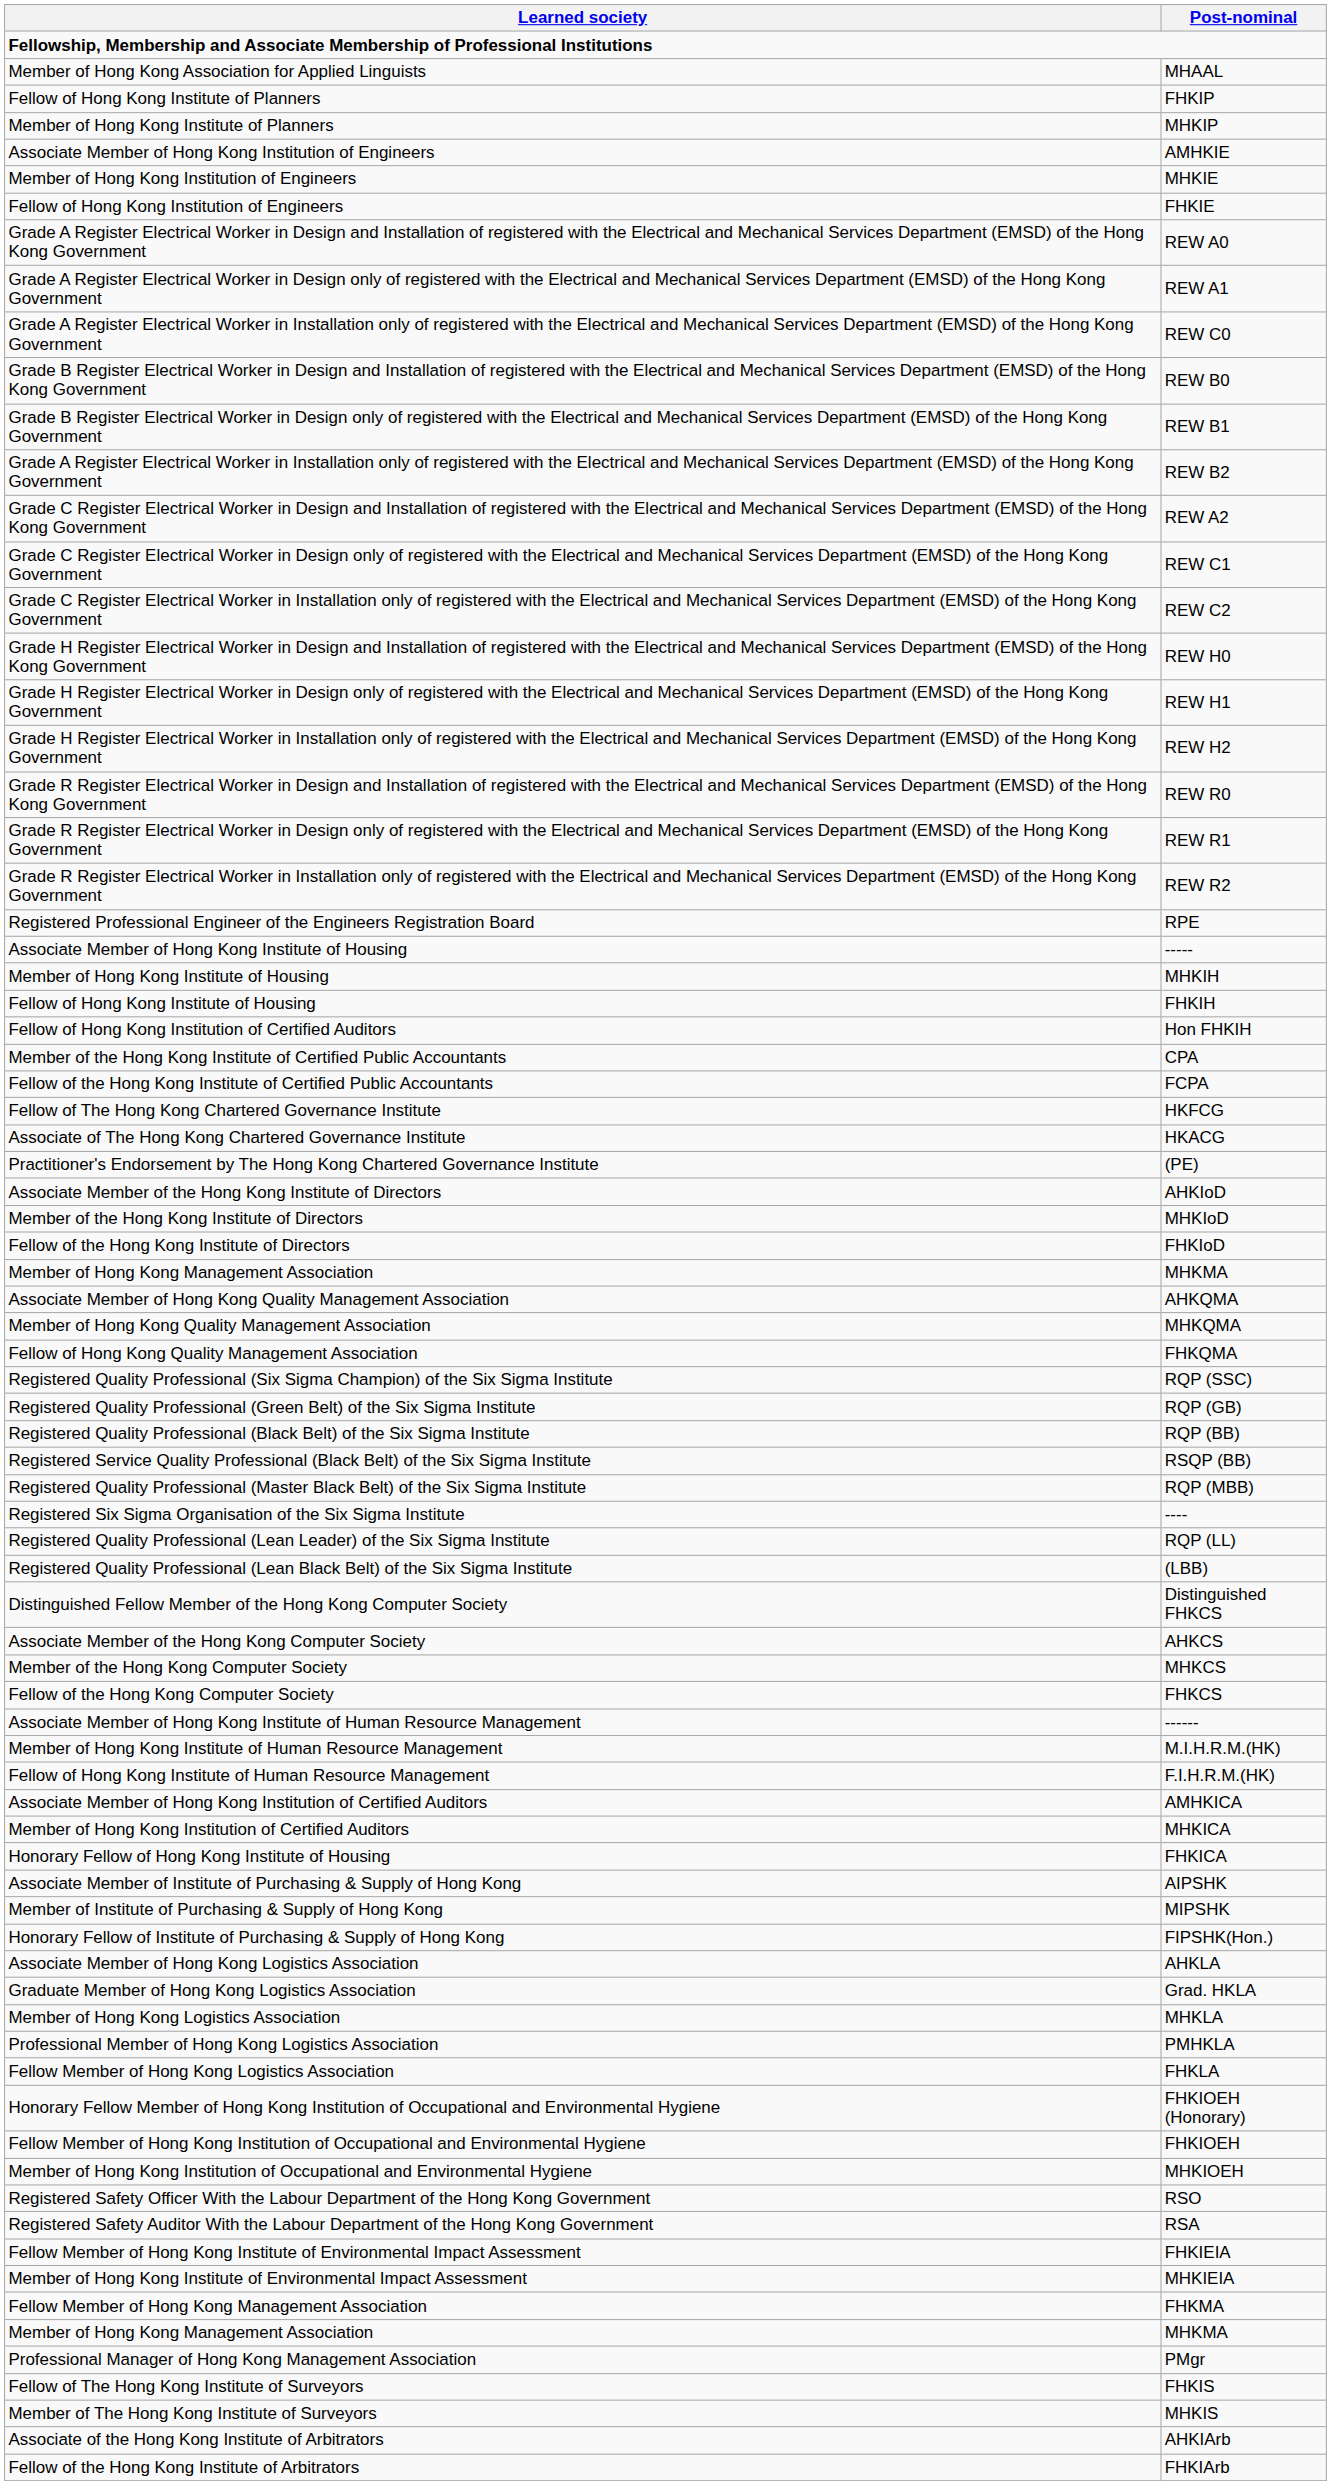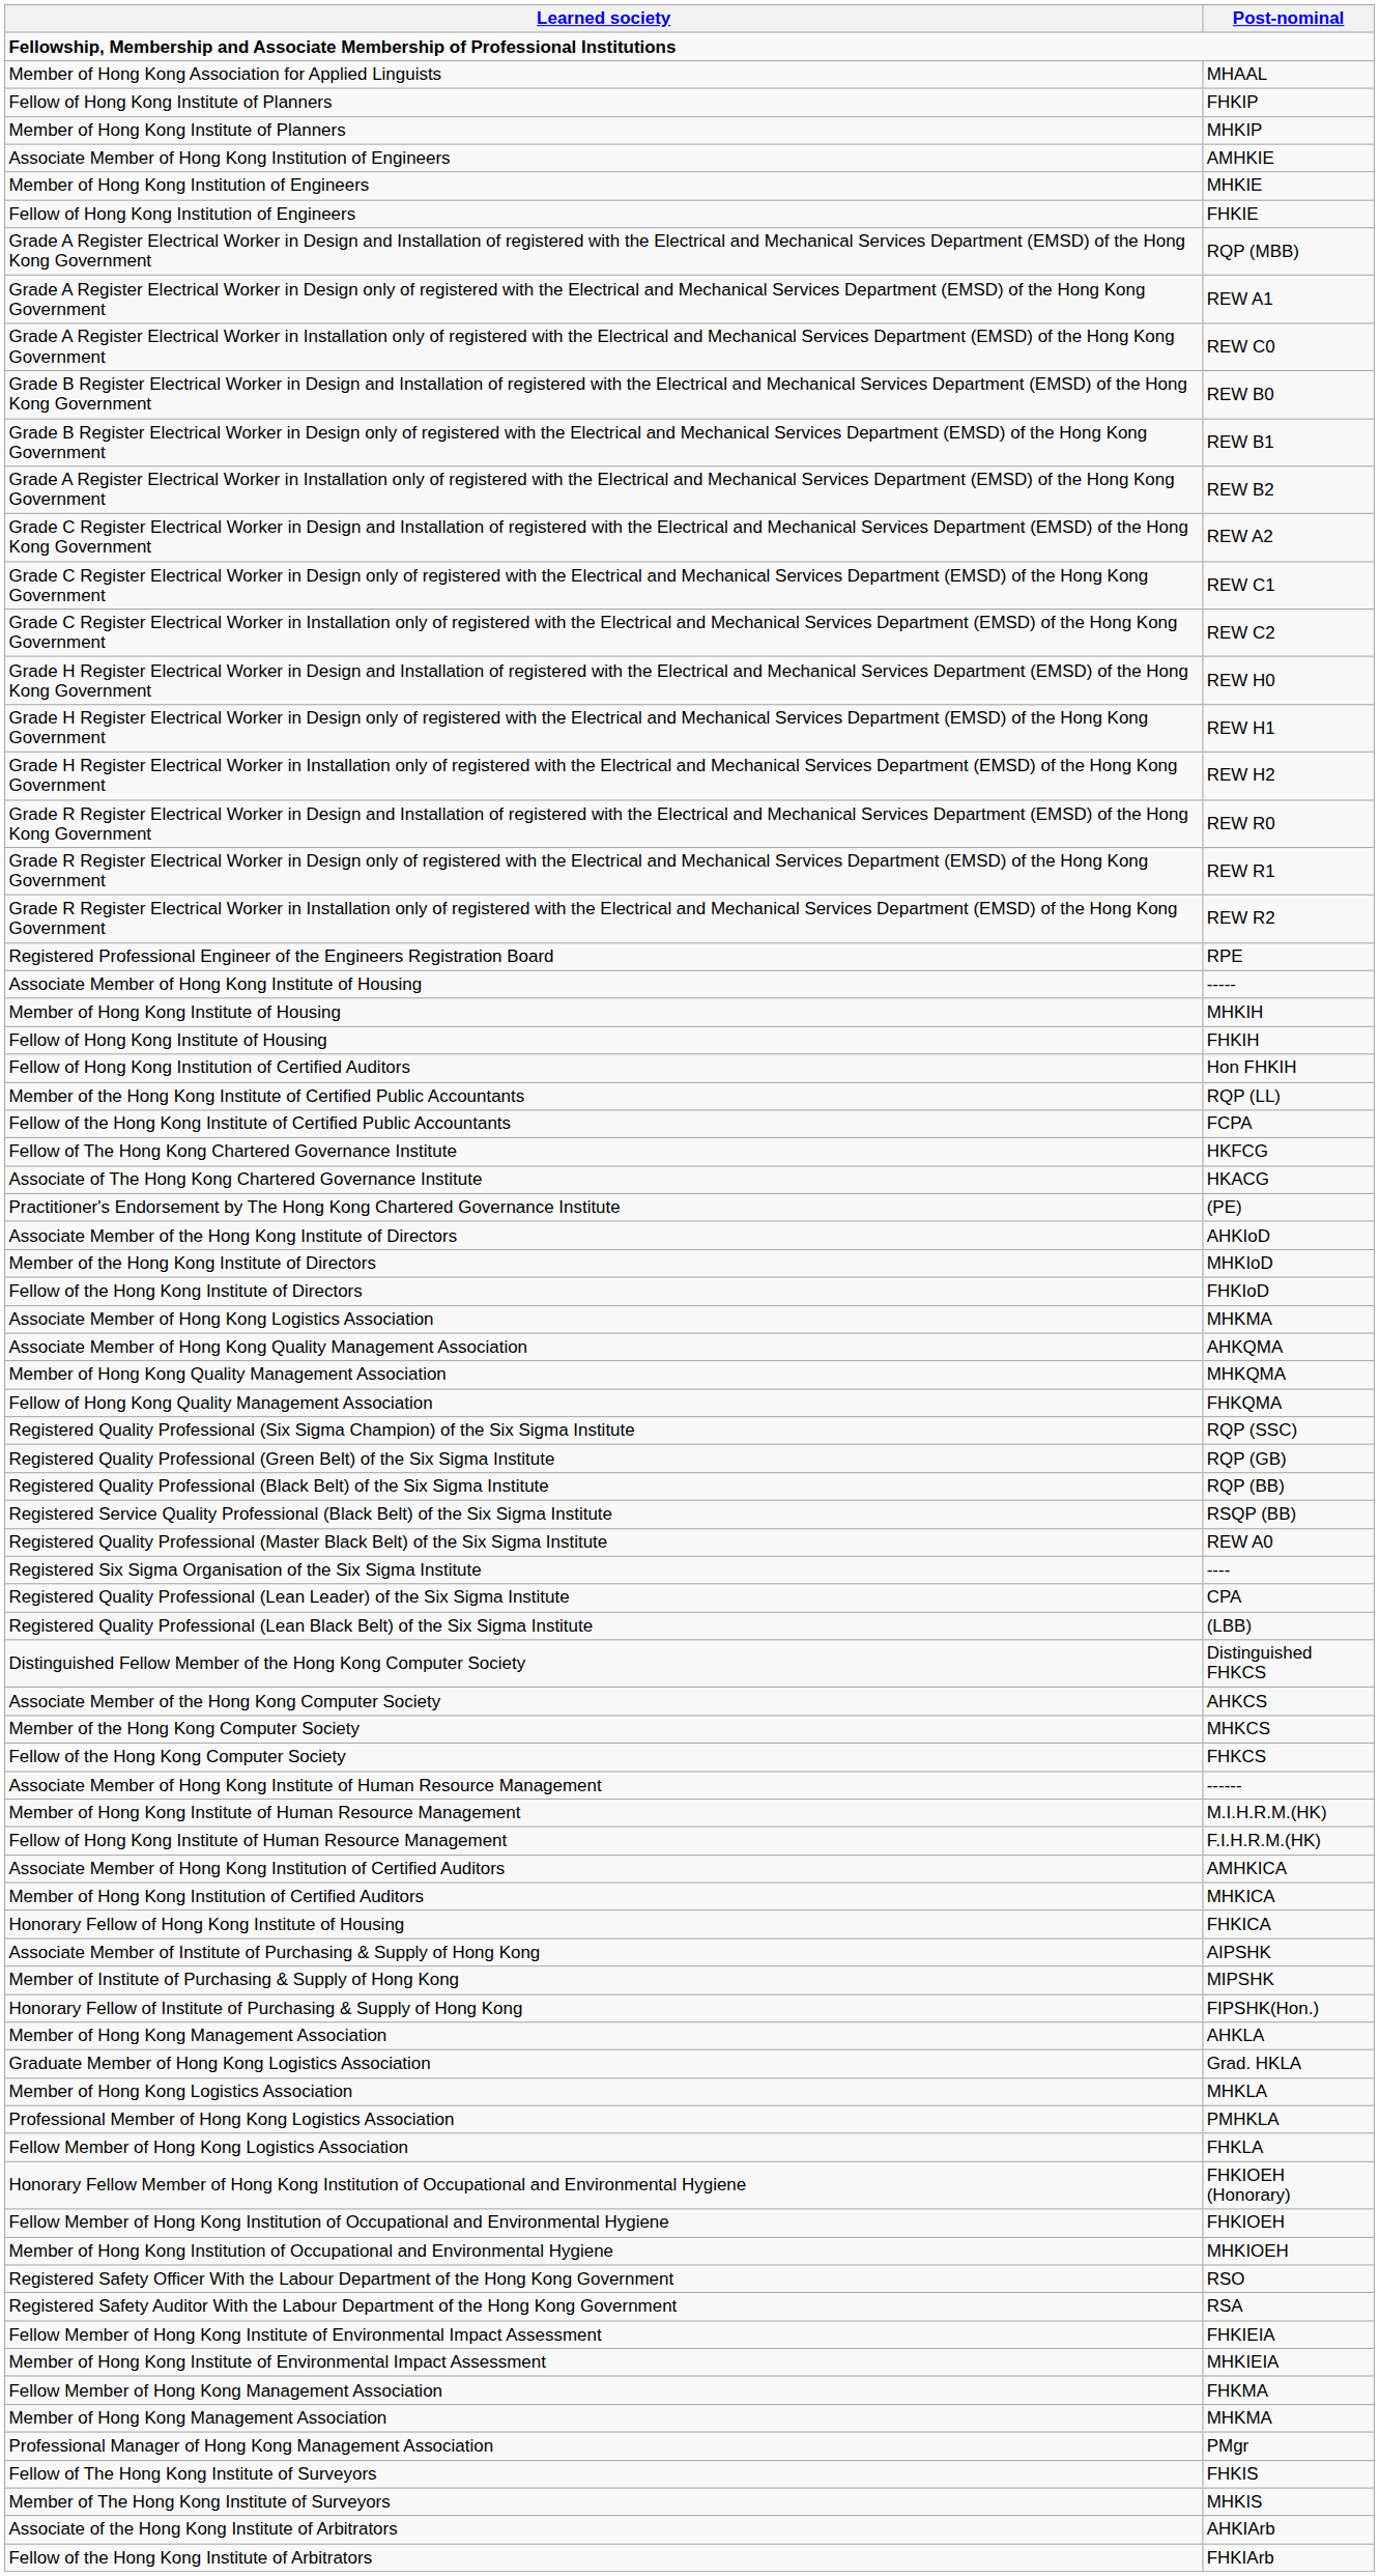 <table class="wikitable">
 <tr>
 <th><a href='#'>Learned society</a></th>
 <th><a href='#'>Post-nominal</a></th>
 </tr>
 <tr>
 <td colspan=2><strong>Fellowship, Membership and Associate Membership of Professional Institutions </strong></td>
 </tr>
 <tr>
 <td>Member of Hong Kong Association for Applied Linguists</td>
 <td>MHAAL</td>
 </tr>
 <tr>
 <td>Fellow of Hong Kong Institute of Planners</td>
 <td>FHKIP</td>
 </tr>
 <tr>
 <td>Member of Hong Kong Institute of Planners</td>
 <td>MHKIP</td>
 </tr>
 <tr>
 <td>Associate Member of Hong Kong Institution of Engineers</td>
 <td>AMHKIE</td>
 </tr>
 <tr>
 <td>Member of Hong Kong Institution of Engineers</td>
 <td>MHKIE</td>
 </tr>
 <tr>
 <td>Fellow of Hong Kong Institution of Engineers</td>
 <td>FHKIE</td>
 </tr>
 <tr>
 <td>Grade A Register Electrical Worker in Design and Installation of registered with the Electrical and Mechanical Services Department (EMSD) of the Hong Kong Government</td>
-<td>REW A0</td>
+<td>RQP (MBB)</td>
 </tr>
 <tr>
 <td>Grade A Register Electrical Worker in Design only of registered with the Electrical and Mechanical Services Department (EMSD) of the Hong Kong Government</td>
 <td>REW A1</td>
 </tr>
 <tr>
 <td>Grade A Register Electrical Worker in Installation only of registered with the Electrical and Mechanical Services Department (EMSD) of the Hong Kong Government</td>
 <td>REW C0</td>
 </tr>
 <tr>
 <td>Grade B Register Electrical Worker in Design and Installation of registered with the Electrical and Mechanical Services Department (EMSD) of the Hong Kong Government</td>
 <td>REW B0</td>
 </tr>
 <tr>
 <td>Grade B Register Electrical Worker in Design only of registered with the Electrical and Mechanical Services Department (EMSD) of the Hong Kong Government</td>
 <td>REW B1</td>
 </tr>
 <tr>
 <td>Grade A Register Electrical Worker in Installation only of registered with the Electrical and Mechanical Services Department (EMSD) of the Hong Kong Government</td>
 <td>REW B2</td>
 </tr>
 <tr>
 <td>Grade C Register Electrical Worker in Design and Installation of registered with the Electrical and Mechanical Services Department (EMSD) of the Hong Kong Government</td>
 <td>REW A2</td>
 </tr>
 <tr>
 <td>Grade C Register Electrical Worker in Design only of registered with the Electrical and Mechanical Services Department (EMSD) of the Hong Kong Government</td>
 <td>REW C1</td>
 </tr>
 <tr>
 <td>Grade C Register Electrical Worker in Installation only of registered with the Electrical and Mechanical Services Department (EMSD) of the Hong Kong Government</td>
 <td>REW C2</td>
 </tr>
 <tr>
 <td>Grade H Register Electrical Worker in Design and Installation of registered with the Electrical and Mechanical Services Department (EMSD) of the Hong Kong Government</td>
 <td>REW H0</td>
 </tr>
 <tr>
 <td>Grade H Register Electrical Worker in Design only of registered with the Electrical and Mechanical Services Department (EMSD) of the Hong Kong Government</td>
 <td>REW H1</td>
 </tr>
 <tr>
 <td>Grade H Register Electrical Worker in Installation only of registered with the Electrical and Mechanical Services Department (EMSD) of the Hong Kong Government</td>
 <td>REW H2</td>
 </tr>
 <tr>
 <td>Grade R Register Electrical Worker in Design and Installation of registered with the Electrical and Mechanical Services Department (EMSD) of the Hong Kong Government</td>
 <td>REW R0</td>
 </tr>
 <tr>
 <td>Grade R Register Electrical Worker in Design only of registered with the Electrical and Mechanical Services Department (EMSD) of the Hong Kong Government</td>
 <td>REW R1</td>
 </tr>
 <tr>
 <td>Grade R Register Electrical Worker in Installation only of registered with the Electrical and Mechanical Services Department (EMSD) of the Hong Kong Government</td>
 <td>REW R2</td>
 </tr>
 <tr>
 <td>Registered Professional Engineer of the Engineers Registration Board</td>
 <td>RPE</td>
 </tr>
 <tr>
 <td>Associate Member of Hong Kong Institute of Housing</td>
 <td>-----</td>
 </tr>
 <tr>
 <td>Member of Hong Kong Institute of Housing</td>
 <td>MHKIH</td>
 </tr>
 <tr>
 <td>Fellow of Hong Kong Institute of Housing</td>
 <td>FHKIH</td>
 </tr>
 <tr>
 <td>Fellow of Hong Kong Institution of Certified Auditors</td>
 <td>Hon FHKIH</td>
 </tr>
 <tr>
 <td>Member of the Hong Kong Institute of Certified Public Accountants</td>
-<td>CPA</td>
+<td>RQP (LL)</td>
 </tr>
 <tr>
 <td>Fellow of the Hong Kong Institute of Certified Public Accountants</td>
 <td>FCPA</td>
 </tr>
 <tr>
 <td>Fellow of The Hong Kong Chartered Governance Institute</td>
 <td>HKFCG</td>
 </tr>
 <tr>
 <td>Associate of The Hong Kong Chartered Governance Institute</td>
 <td>HKACG</td>
 </tr>
 <tr>
 <td>Practitioner's Endorsement by The Hong Kong Chartered Governance Institute</td>
 <td>(PE)</td>
 </tr>
 <tr>
 <td>Associate Member of the Hong Kong Institute of Directors</td>
 <td>AHKIoD</td>
 </tr>
 <tr>
 <td>Member of the Hong Kong Institute of Directors</td>
 <td>MHKIoD</td>
 </tr>
 <tr>
 <td>Fellow of the Hong Kong Institute of Directors</td>
 <td>FHKIoD</td>
 </tr>
 <tr>
-<td>Member of Hong Kong Management Association</td>
+<td>Associate Member of Hong Kong Logistics Association</td>
 <td>MHKMA</td>
 </tr>
 <tr>
 <td>Associate Member of Hong Kong Quality Management Association</td>
 <td>AHKQMA</td>
 </tr>
 <tr>
 <td>Member of Hong Kong Quality Management Association</td>
 <td>MHKQMA</td>
 </tr>
 <tr>
 <td>Fellow of Hong Kong Quality Management Association</td>
 <td>FHKQMA</td>
 </tr>
 <tr>
 <td>Registered Quality Professional (Six Sigma Champion) of the Six Sigma Institute</td>
 <td>RQP (SSC)</td>
 </tr>
 <tr>
 <td>Registered Quality Professional (Green Belt) of the Six Sigma Institute</td>
 <td>RQP (GB)</td>
 </tr>
 <tr>
 <td>Registered Quality Professional (Black Belt) of the Six Sigma Institute</td>
 <td>RQP (BB)</td>
 </tr>
 <tr>
 <td>Registered Service Quality Professional (Black Belt) of the Six Sigma Institute</td>
 <td>RSQP (BB)</td>
 </tr>
 <tr>
 <td>Registered Quality Professional (Master Black Belt) of the Six Sigma Institute</td>
-<td>RQP (MBB)</td>
+<td>REW A0</td>
 </tr>
 <tr>
 <td>Registered Six Sigma Organisation of the Six Sigma Institute</td>
 <td>----</td>
 </tr>
 <tr>
 <td>Registered Quality Professional (Lean Leader) of the Six Sigma Institute</td>
-<td>RQP (LL)</td>
+<td>CPA</td>
 </tr>
 <tr>
 <td>Registered Quality Professional (Lean Black Belt) of the Six Sigma Institute</td>
 <td>(LBB)</td>
 </tr>
 <tr>
 <td>Distinguished Fellow Member of the Hong Kong Computer Society</td>
 <td>Distinguished FHKCS</td>
 </tr>
 <tr>
 <td>Associate Member of the Hong Kong Computer Society</td>
 <td>AHKCS</td>
 </tr>
 <tr>
 <td>Member of the Hong Kong Computer Society</td>
 <td>MHKCS</td>
 </tr>
 <tr>
 <td>Fellow of the Hong Kong Computer Society</td>
 <td>FHKCS</td>
 </tr>
 <tr>
 <td>Associate Member of Hong Kong Institute of Human Resource Management</td>
 <td>------</td>
 </tr>
 <tr>
 <td>Member of Hong Kong Institute of Human Resource Management</td>
 <td>M.I.H.R.M.(HK)</td>
 </tr>
 <tr>
 <td>Fellow of Hong Kong Institute of Human Resource Management</td>
 <td>F.I.H.R.M.(HK)</td>
 </tr>
 <tr>
 <td>Associate Member of Hong Kong Institution of Certified Auditors</td>
 <td>AMHKICA</td>
 </tr>
 <tr>
 <td>Member of Hong Kong Institution of Certified Auditors</td>
 <td>MHKICA</td>
 </tr>
 <tr>
 <td>Honorary Fellow of Hong Kong Institute of Housing</td>
 <td>FHKICA</td>
 </tr>
 <tr>
 <td>Associate Member of Institute of Purchasing & Supply of Hong Kong</td>
 <td>AIPSHK</td>
 </tr>
 <tr>
 <td>Member of Institute of Purchasing & Supply of Hong Kong</td>
 <td>MIPSHK</td>
 </tr>
 <tr>
 <td>Honorary Fellow of Institute of Purchasing & Supply of Hong Kong</td>
 <td>FIPSHK(Hon.)</td>
 </tr>
 <tr>
-<td>Associate Member of Hong Kong Logistics Association</td>
+<td>Member of Hong Kong Management Association</td>
 <td>AHKLA</td>
 </tr>
 <tr>
 <td>Graduate Member of Hong Kong Logistics Association</td>
 <td>Grad. HKLA</td>
 </tr>
 <tr>
 <td>Member of Hong Kong Logistics Association</td>
 <td>MHKLA</td>
 </tr>
 <tr>
 <td>Professional Member of Hong Kong Logistics Association</td>
 <td>PMHKLA</td>
 </tr>
 <tr>
 <td>Fellow Member of Hong Kong Logistics Association</td>
 <td>FHKLA</td>
 </tr>
 <tr>
 <td>Honorary Fellow Member of Hong Kong Institution of Occupational and Environmental Hygiene</td>
 <td>FHKIOEH (Honorary)</td>
 </tr>
 <tr>
 <td>Fellow Member of Hong Kong Institution of Occupational and Environmental Hygiene</td>
 <td>FHKIOEH</td>
 </tr>
 <tr>
 <td>Member of Hong Kong Institution of Occupational and Environmental Hygiene</td>
 <td>MHKIOEH</td>
 </tr>
 <tr>
 <td>Registered Safety Officer With the Labour Department of the Hong Kong Government</td>
 <td>RSO</td>
 </tr>
 <tr>
 <td>Registered Safety Auditor With the Labour Department of the Hong Kong Government</td>
 <td>RSA</td>
 </tr>
 <tr>
 <td>Fellow Member of Hong Kong Institute of Environmental Impact Assessment</td>
 <td>FHKIEIA</td>
 </tr>
 <tr>
 <td>Member of Hong Kong Institute of Environmental Impact Assessment</td>
 <td>MHKIEIA</td>
 </tr>
 <tr>
 <td>Fellow Member of Hong Kong Management Association</td>
 <td>FHKMA</td>
 </tr>
 <tr>
 <td>Member of Hong Kong Management Association</td>
 <td>MHKMA</td>
 </tr>
 <tr>
 <td>Professional Manager of Hong Kong Management Association</td>
 <td>PMgr</td>
 </tr>
 <tr>
 <td>Fellow of The Hong Kong Institute of Surveyors</td>
 <td>FHKIS</td>
 </tr>
 <tr>
 <td>Member of The Hong Kong Institute of Surveyors</td>
 <td>MHKIS</td>
 </tr>
 <tr>
 <td>Associate of the Hong Kong Institute of Arbitrators</td>
 <td>AHKIArb</td>
 </tr>
 <tr>
 <td>Fellow of the Hong Kong Institute of Arbitrators</td>
 <td>FHKIArb</td>
 </tr>
 </table>
